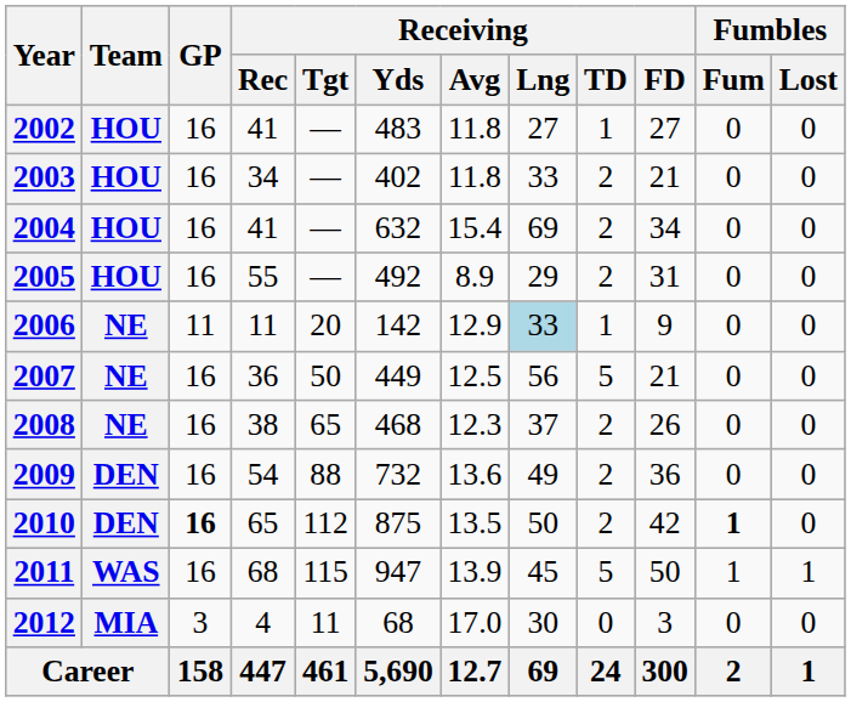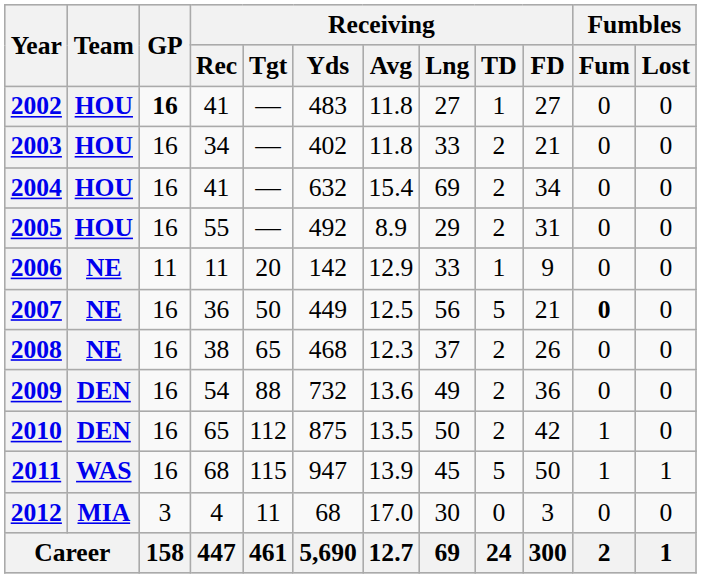 <table class="wikitable" style="text-align: center;">
 <tr>
 <th rowspan="2">Year</th>
 <th rowspan="2">Team</th>
 <th rowspan="2">GP</th>
 <th colspan="7">Receiving</th>
 <th colspan="2">Fumbles</th>
 </tr>
 <tr>
 <th>Rec</th>
 <th>Tgt</th>
 <th>Yds</th>
 <th>Avg</th>
 <th>Lng</th>
 <th>TD</th>
 <th>FD</th>
 <th>Fum</th>
 <th>Lost</th>
 </tr>
 <tr>
 <th><a href='#'>2002</a></th>
 <th><a href='#'>HOU</a></th>
-<td>16</td>
+<td><strong>16</strong></td>
 <td>41</td>
 <td>—</td>
 <td>483</td>
 <td>11.8</td>
 <td>27</td>
 <td>1</td>
 <td>27</td>
 <td>0</td>
 <td>0</td>
 </tr>
 <tr>
 <th><a href='#'>2003</a></th>
 <th><a href='#'>HOU</a></th>
 <td>16</td>
 <td>34</td>
 <td>—</td>
 <td>402</td>
 <td>11.8</td>
 <td>33</td>
 <td>2</td>
 <td>21</td>
 <td>0</td>
 <td>0</td>
 </tr>
 <tr>
 <th><a href='#'>2004</a></th>
 <th><a href='#'>HOU</a></th>
 <td>16</td>
 <td>41</td>
 <td>—</td>
 <td>632</td>
 <td>15.4</td>
 <td>69</td>
 <td>2</td>
 <td>34</td>
 <td>0</td>
 <td>0</td>
 </tr>
 <tr>
 <th><a href='#'>2005</a></th>
 <th><a href='#'>HOU</a></th>
 <td>16</td>
 <td>55</td>
 <td>—</td>
 <td>492</td>
 <td>8.9</td>
 <td>29</td>
 <td>2</td>
 <td>31</td>
 <td>0</td>
 <td>0</td>
 </tr>
 <tr>
 <th><a href='#'>2006</a></th>
 <th><a href='#'>NE</a></th>
 <td>11</td>
 <td>11</td>
 <td>20</td>
 <td>142</td>
 <td>12.9</td>
-<td style="background: lightblue;">33</td>
+<td>33</td>
 <td>1</td>
 <td>9</td>
 <td>0</td>
 <td>0</td>
 </tr>
 <tr>
 <th><a href='#'>2007</a></th>
 <th><a href='#'>NE</a></th>
 <td>16</td>
 <td>36</td>
 <td>50</td>
 <td>449</td>
 <td>12.5</td>
 <td>56</td>
 <td>5</td>
 <td>21</td>
-<td>0</td>
+<td><strong>0</strong></td>
 <td>0</td>
 </tr>
 <tr>
 <th><a href='#'>2008</a></th>
 <th><a href='#'>NE</a></th>
 <td>16</td>
 <td>38</td>
 <td>65</td>
 <td>468</td>
 <td>12.3</td>
 <td>37</td>
 <td>2</td>
 <td>26</td>
 <td>0</td>
 <td>0</td>
 </tr>
 <tr>
 <th><a href='#'>2009</a></th>
 <th><a href='#'>DEN</a></th>
 <td>16</td>
 <td>54</td>
 <td>88</td>
 <td>732</td>
 <td>13.6</td>
 <td>49</td>
 <td>2</td>
 <td>36</td>
 <td>0</td>
 <td>0</td>
 </tr>
 <tr>
 <th><a href='#'>2010</a></th>
 <th><a href='#'>DEN</a></th>
-<td><strong>16</strong></td>
+<td>16</td>
 <td>65</td>
 <td>112</td>
 <td>875</td>
 <td>13.5</td>
 <td>50</td>
 <td>2</td>
 <td>42</td>
-<td><strong>1</strong></td>
+<td>1</td>
 <td>0</td>
 </tr>
 <tr>
 <th><a href='#'>2011</a></th>
 <th><a href='#'>WAS</a></th>
 <td>16</td>
 <td>68</td>
 <td>115</td>
 <td>947</td>
 <td>13.9</td>
 <td>45</td>
 <td>5</td>
 <td>50</td>
 <td>1</td>
 <td>1</td>
 </tr>
 <tr>
 <th><a href='#'>2012</a></th>
 <th><a href='#'>MIA</a></th>
 <td>3</td>
 <td>4</td>
 <td>11</td>
 <td>68</td>
 <td>17.0</td>
 <td>30</td>
 <td>0</td>
 <td>3</td>
 <td>0</td>
 <td>0</td>
 </tr>
 <tr>
 <th colspan="2">Career</th>
 <th>158</th>
 <th>447</th>
 <th>461</th>
 <th>5,690</th>
 <th>12.7</th>
 <th>69</th>
 <th>24</th>
 <th>300</th>
 <th>2</th>
 <th>1</th>
 </tr>
 </table>
